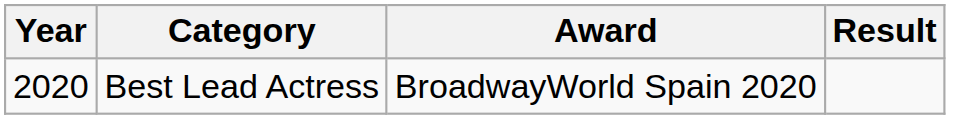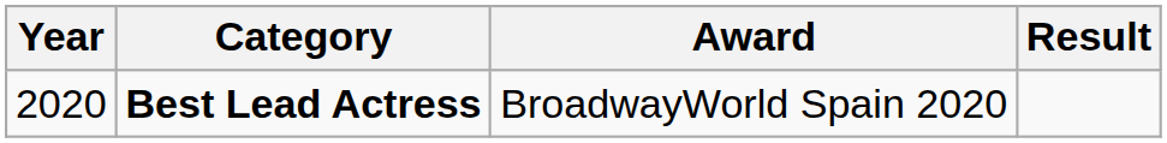 <table class="wikitable">
 <tr>
 <th>Year</th>
 <th>Category</th>
 <th>Award</th>
 <th>Result</th>
 </tr>
 <tr>
 <td rowspan="2">2020</td>
-<td>Best Lead Actress</td>
+<td><strong>Best Lead Actress</strong></td>
 <td rowspan="3">BroadwayWorld Spain 2020 </td>
 <td></td>
 </tr>
 </table>
